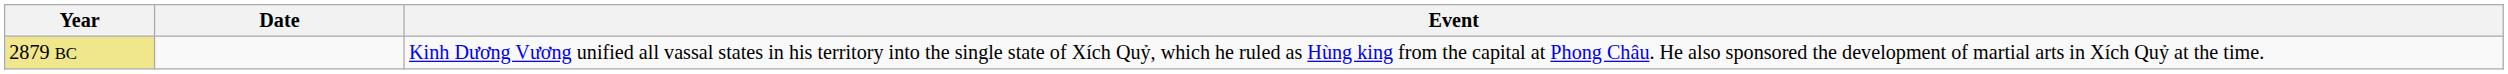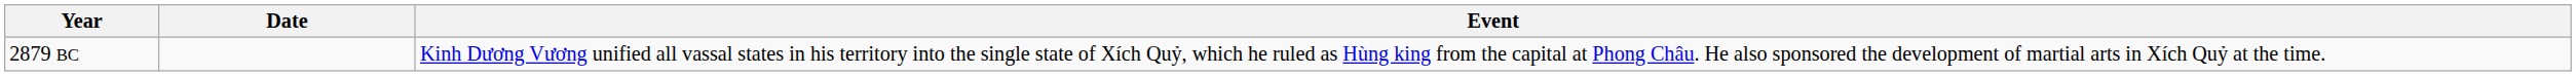 <table class="wikitable" width="100%">
 <tr>
 <th style="width:6%">Year</th>
 <th style="width:10%">Date</th>
 <th>Event</th>
 </tr>
 <tr>
-<td valign="top" style="background: khaki;">2879 <small>BC</small></td>
+<td valign="top">2879 <small>BC</small></td>
 <td></td>
 <td><a href='#'>Kinh Dương Vương</a> unified all vassal states in his territory into the single state of Xích Quỷ, which he ruled as <a href='#'>Hùng king</a> from the capital at <a href='#'>Phong Châu</a>. He also sponsored the development of martial arts in Xích Quỷ at the time.</td>
 </tr>
 </table>
